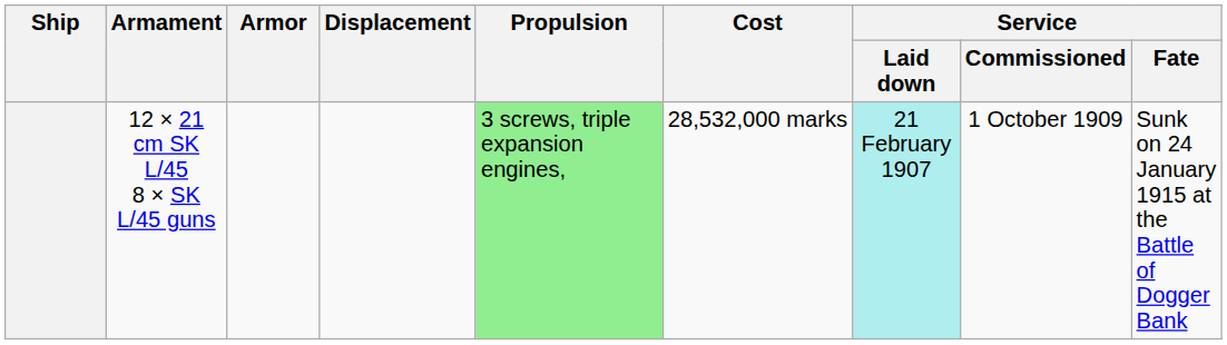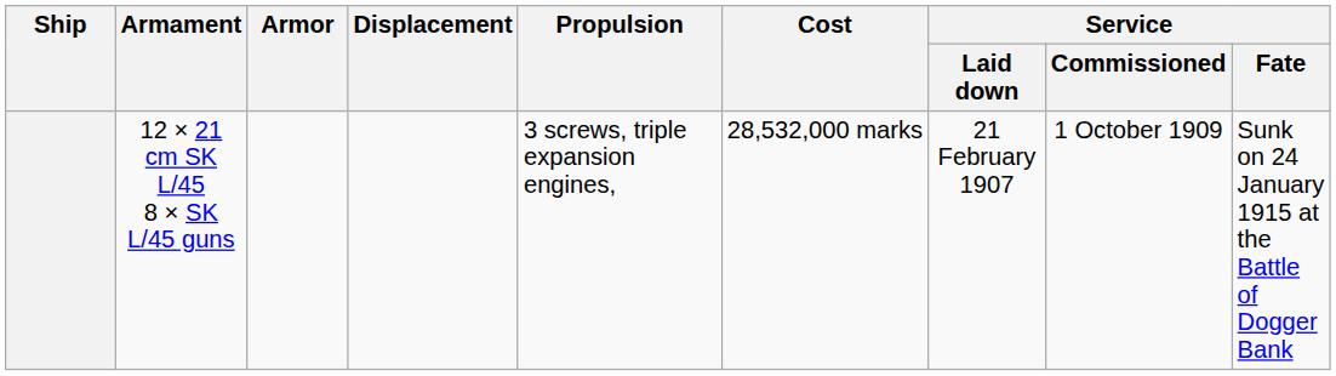 <table class="wikitable plainrowheaders" style="text-align: center;">
 <tr valign="top">
 <th scope="col" width="15%" rowspan="2">Ship</th>
 <th scope="col" width="10%" rowspan="2">Armament</th>
 <th scope="col" width="10%" rowspan="2">Armor</th>
 <th scope="col" width="10%" rowspan="2">Displacement</th>
 <th scope="col" width="25%" rowspan="2">Propulsion</th>
 <th scope="col" width="10%" rowspan="2">Cost</th>
 <th scope="col" width="40%" colspan="3">Service</th>
 </tr>
 <tr valign="top">
 <th scope="col" width="10%">Laid down</th>
 <th scope="col" width="10%">Commissioned</th>
 <th scope="col" width="20%">Fate</th>
 </tr>
 <tr valign="top">
 <th scope="row"></th>
 <td>12 × <a href='#'>21 cm SK L/45</a><br> 8 × <a href='#'> SK L/45 guns</a></td>
 <td></td>
 <td></td>
-<td style="background: lightgreen; text-align: left;">3 screws, triple expansion engines, </td>
+<td style="text-align: left;">3 screws, triple expansion engines, </td>
 <td>28,532,000 marks</td>
-<td style="background: paleturquoise;">21 February 1907</td>
+<td>21 February 1907</td>
 <td>1 October 1909</td>
 <td style="text-align: left;">Sunk on 24 January 1915 at the <a href='#'>Battle of Dogger Bank</a></td>
 </tr>
 </table>
